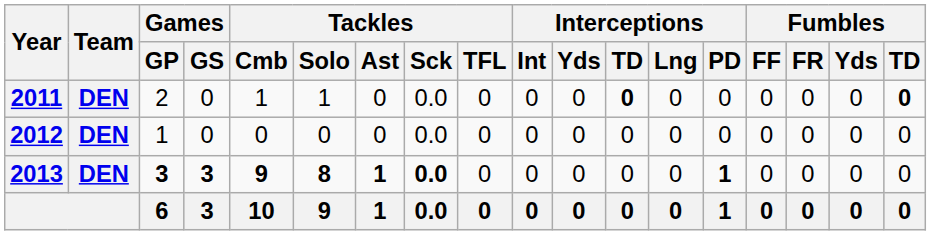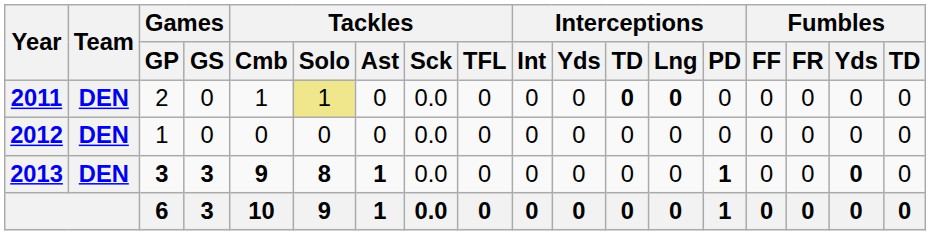 <table class="wikitable" style="text-align:center">
 <tr>
 <th rowspan="2">Year</th>
 <th rowspan="2">Team</th>
 <th colspan="2">Games</th>
 <th colspan="5">Tackles</th>
 <th colspan="5">Interceptions</th>
 <th colspan="4">Fumbles</th>
 </tr>
 <tr>
 <th>GP</th>
 <th>GS</th>
 <th>Cmb</th>
 <th>Solo</th>
 <th>Ast</th>
 <th>Sck</th>
 <th>TFL</th>
 <th>Int</th>
 <th>Yds</th>
 <th>TD</th>
 <th>Lng</th>
 <th>PD</th>
 <th>FF</th>
 <th>FR</th>
 <th>Yds</th>
 <th>TD</th>
 </tr>
 <tr>
 <th><a href='#'>2011</a></th>
 <th><a href='#'>DEN</a></th>
 <td>2</td>
 <td>0</td>
 <td>1</td>
-<td>1</td>
+<td style="background: khaki;">1</td>
 <td>0</td>
 <td>0.0</td>
 <td>0</td>
 <td>0</td>
 <td>0</td>
 <td><strong>0</strong></td>
+<td><strong>0</strong></td>
 <td>0</td>
 <td>0</td>
 <td>0</td>
 <td>0</td>
 <td>0</td>
-<td><strong>0</strong></td>
 </tr>
 <tr>
 <th><a href='#'>2012</a></th>
 <th><a href='#'>DEN</a></th>
 <td>1</td>
 <td>0</td>
 <td>0</td>
 <td>0</td>
 <td>0</td>
 <td>0.0</td>
 <td>0</td>
 <td>0</td>
 <td>0</td>
 <td>0</td>
 <td>0</td>
 <td>0</td>
 <td>0</td>
 <td>0</td>
 <td>0</td>
 <td>0</td>
 </tr>
 <tr>
 <th><a href='#'>2013</a></th>
 <th><a href='#'>DEN</a></th>
 <td><strong>3</strong></td>
 <td><strong>3</strong></td>
 <td><strong>9</strong></td>
 <td><strong>8</strong></td>
 <td><strong>1</strong></td>
-<td><strong>0.0</strong></td>
+<td>0.0</td>
 <td>0</td>
 <td>0</td>
 <td>0</td>
 <td>0</td>
 <td>0</td>
 <td><strong>1</strong></td>
 <td>0</td>
 <td>0</td>
-<td>0</td>
+<td><strong>0</strong></td>
 <td>0</td>
 </tr>
 <tr>
 <th colspan="2"></th>
 <th>6</th>
 <th>3</th>
 <th>10</th>
 <th>9</th>
 <th>1</th>
 <th>0.0</th>
 <th>0</th>
 <th>0</th>
 <th>0</th>
 <th>0</th>
 <th>0</th>
 <th>1</th>
 <th>0</th>
 <th>0</th>
 <th>0</th>
 <th>0</th>
 </tr>
 </table>
